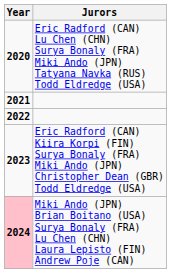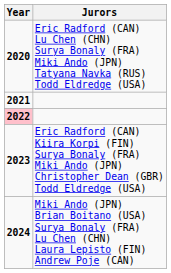 <table class="wikitable">
 <tr>
 <th>Year</th>
 <th>Jurors</th>
 </tr>
 <tr>
 <td><strong>2020</strong></td>
 <td><a href='#'>Eric Radford</a> (CAN)<br><a href='#'>Lu Chen</a> (CHN)<br><a href='#'>Surya Bonaly</a> (FRA)<br><a href='#'>Miki Ando</a> (JPN)<br><a href='#'>Tatyana Navka</a> (RUS)<br><a href='#'>Todd Eldredge</a> (USA)</td>
 </tr>
 <tr>
 <td><strong>2021</strong></td>
 <td></td>
 </tr>
 <tr>
-<td><strong>2022</strong></td>
+<td style="background: pink;"><strong>2022</strong></td>
 <td></td>
 </tr>
 <tr>
 <td><strong>2023</strong></td>
 <td><a href='#'>Eric Radford</a> (CAN)<br><a href='#'>Kiira Korpi</a> (FIN)<br><a href='#'>Surya Bonaly</a> (FRA)<br><a href='#'>Miki Ando</a> (JPN)<br><a href='#'>Christopher Dean</a> (GBR)<br><a href='#'>Todd Eldredge</a> (USA)</td>
 </tr>
 <tr>
-<td style="background: pink;"><strong>2024</strong></td>
+<td><strong>2024</strong></td>
 <td><a href='#'>Miki Ando</a> (JPN)<br><a href='#'>Brian Boitano</a> (USA)<br><a href='#'>Surya Bonaly</a> (FRA)<br><a href='#'>Lu Chen</a> (CHN)<br><a href='#'>Laura Lepisto</a> (FIN)<br><a href='#'>Andrew Poje</a> (CAN)</td>
 </tr>
 </table>
